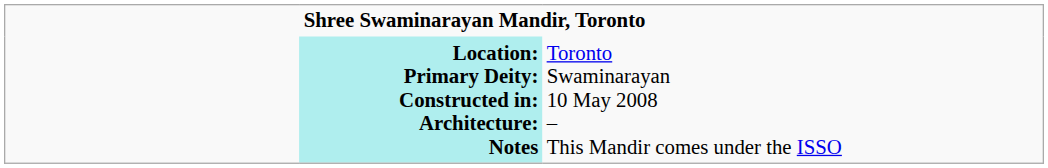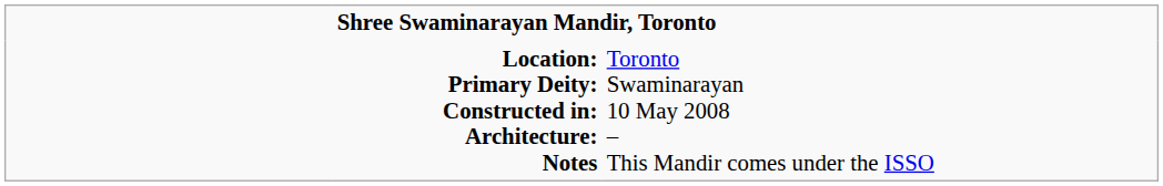 <table class="wikitable plain" border="0" width="800">
 <tr>
 <td width="220px" rowspan="2" style="border:none;"></td>
 <td valign="top" colspan=2 style="border:none;"><strong>Shree Swaminarayan Mandir, Toronto</strong></td>
 </tr>
 <tr>
-<td valign="top" style="background: paleturquoise; text-align:right; border:none;"><strong>Location:</strong> <br><strong>Primary Deity:</strong><br><strong>Constructed in:</strong><br><strong>Architecture:</strong><br><strong>Notes</strong></td>
+<td valign="top" style="text-align:right; border:none;"><strong>Location:</strong> <br><strong>Primary Deity:</strong><br><strong>Constructed in:</strong><br><strong>Architecture:</strong><br><strong>Notes</strong></td>
 <td valign="top" style="border:none;"><a href='#'>Toronto</a> <br> Swaminarayan <br> 10 May 2008 <br>– <br>This Mandir comes under the <a href='#'>ISSO</a></td>
 </tr>
 </table>
